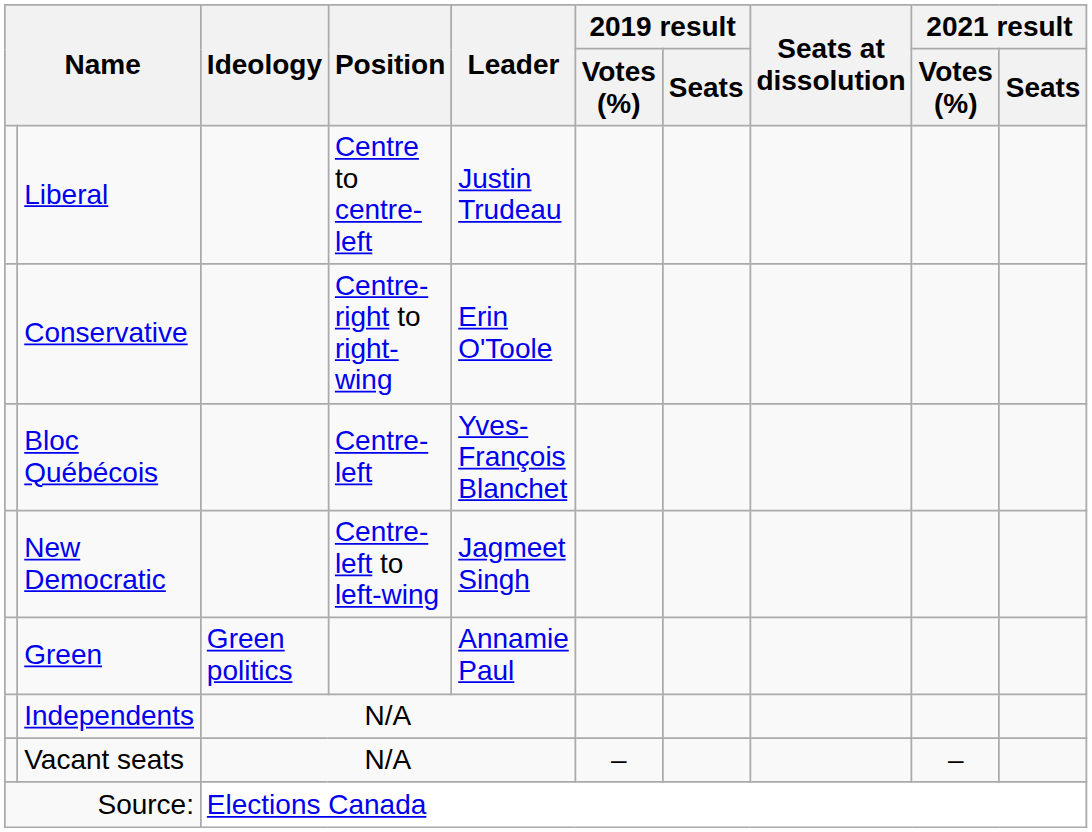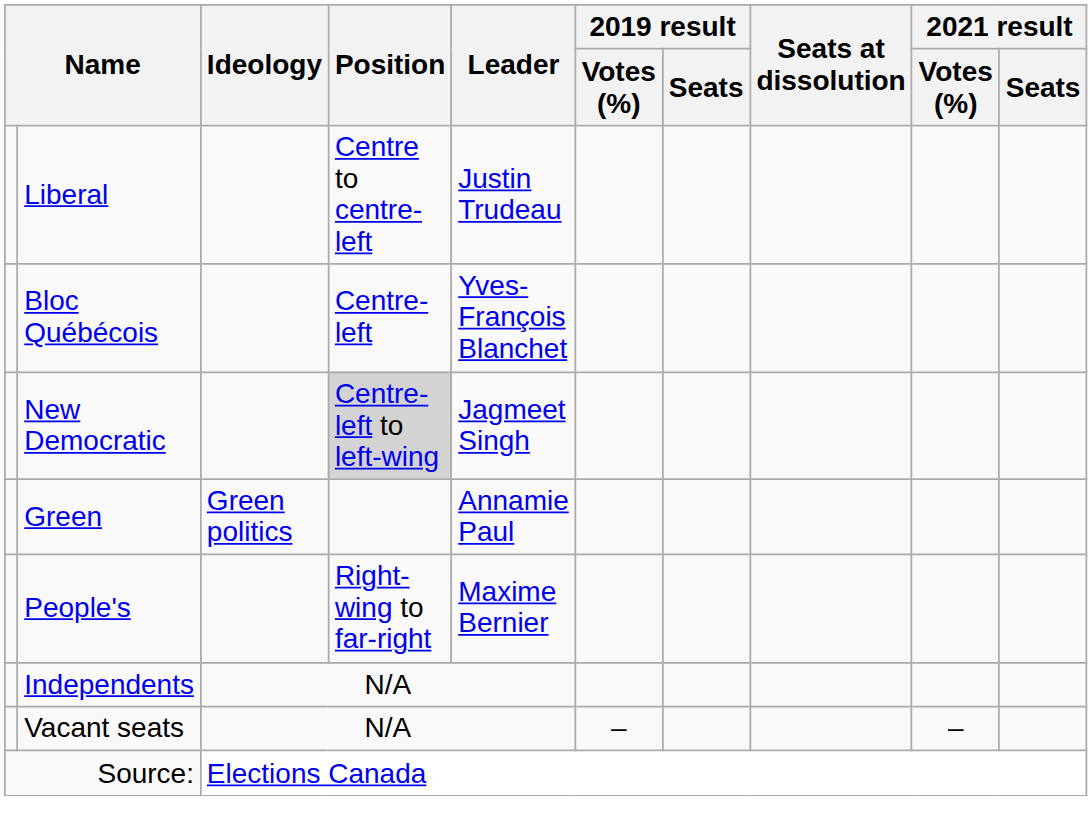 <table class="wikitable">
 <tr>
 <th colspan="2" rowspan="2">Name</th>
 <th rowspan="2">Ideology</th>
 <th rowspan="2">Position</th>
 <th rowspan="2">Leader</th>
 <th colspan="2">2019 result</th>
 <th rowspan="2">Seats at<br>dissolution</th>
 <th colspan="2">2021 result</th>
 </tr>
 <tr>
 <th>Votes (%)</th>
 <th>Seats</th>
 <th>Votes (%)</th>
 <th>Seats</th>
 </tr>
 <tr>
 <td style="background:"></td>
 <td><a href='#'>Liberal</a></td>
 <td></td>
 <td><a href='#'>Centre</a> to <a href='#'>centre-left</a></td>
 <td><a href='#'>Justin Trudeau</a></td>
 <td></td>
 <td></td>
 <td></td>
 <td></td>
 <td></td>
 </tr>
 <tr>
 <td style="background:"></td>
-<td><a href='#'>Conservative</a></td>
-<td></td>
-<td><a href='#'>Centre-right</a> to <a href='#'>right-wing</a></td>
-<td><a href='#'>Erin O'Toole</a></td>
-<td></td>
-<td></td>
-<td></td>
-<td></td>
-<td></td>
-</tr>
-<tr>
-<td style="background:"></td>
 <td><a href='#'>Bloc Québécois</a></td>
 <td></td>
 <td><a href='#'>Centre-left</a></td>
 <td><a href='#'>Yves-François Blanchet</a></td>
 <td></td>
 <td></td>
 <td></td>
 <td></td>
 <td></td>
 </tr>
 <tr>
 <td style="background:"></td>
 <td><a href='#'>New Democratic</a></td>
 <td></td>
-<td><a href='#'>Centre-left</a> to <a href='#'>left-wing</a></td>
+<td style="background: lightgrey;"><a href='#'>Centre-left</a> to <a href='#'>left-wing</a></td>
 <td><a href='#'>Jagmeet Singh</a></td>
 <td></td>
 <td></td>
 <td></td>
 <td></td>
 <td></td>
 </tr>
 <tr>
 <td style="background:"></td>
 <td><a href='#'>Green</a></td>
 <td><a href='#'>Green politics</a></td>
 <td></td>
 <td><a href='#'>Annamie Paul</a></td>
+<td></td>
+<td></td>
+<td></td>
+<td></td>
+<td></td>
+</tr>
+<tr>
+<td style="background:"></td>
+<td><a href='#'>People's</a></td>
+<td></td>
+<td><a href='#'>Right-wing</a> to <a href='#'>far-right</a></td>
+<td><a href='#'>Maxime Bernier</a></td>
 <td></td>
 <td></td>
 <td></td>
 <td></td>
 <td></td>
 </tr>
 <tr>
 <td style="background:"></td>
 <td><a href='#'>Independents</a></td>
 <td colspan="3" style="text-align:center;">N/A</td>
 <td></td>
 <td></td>
 <td></td>
 <td></td>
 <td></td>
 </tr>
 <tr>
 <td></td>
 <td>Vacant seats</td>
 <td colspan="3" style="text-align:center;">N/A</td>
 <td style="text-align:center;">–</td>
 <td></td>
 <td></td>
 <td style="text-align:center;">–</td>
 <td></td>
 </tr>
 <tr>
 <td colspan="2" style="text-align:right;">Source:</td>
 <td colspan="8" style="background:#FFFFFF;"><a href='#'>Elections Canada</a></td>
 </tr>
 </table>
